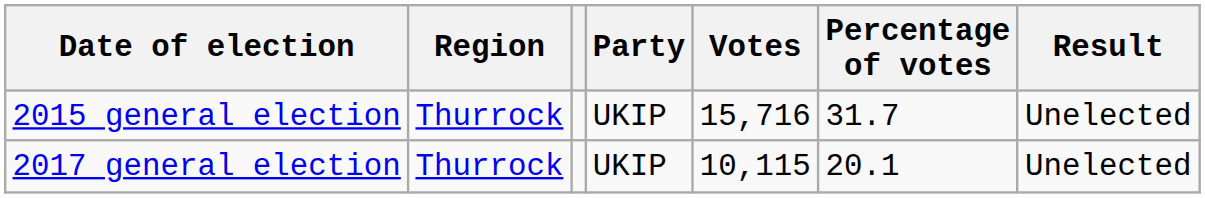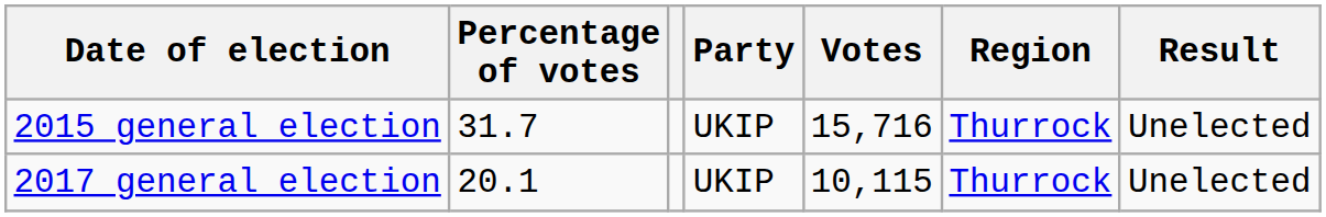 <table class="wikitable">
 <tr>
 <th>Date of election</th>
-<th>Region</th>
+<th>Percentage<br>of votes</th>
 <th></th>
 <th>Party</th>
 <th>Votes</th>
-<th>Percentage<br>of votes</th>
+<th>Region</th>
 <th>Result</th>
 </tr>
 <tr>
 <td><a href='#'>2015 general election</a></td>
-<td><a href='#'>Thurrock</a></td>
+<td>31.7</td>
 <td style="background-color: "></td>
 <td>UKIP</td>
 <td>15,716</td>
-<td>31.7</td>
+<td><a href='#'>Thurrock</a></td>
 <td>Unelected</td>
 </tr>
 <tr>
 <td><a href='#'>2017 general election</a></td>
-<td><a href='#'>Thurrock</a></td>
+<td>20.1</td>
 <td style="background-color: "></td>
 <td>UKIP</td>
 <td>10,115</td>
-<td>20.1</td>
+<td><a href='#'>Thurrock</a></td>
 <td>Unelected</td>
 </tr>
 </table>
